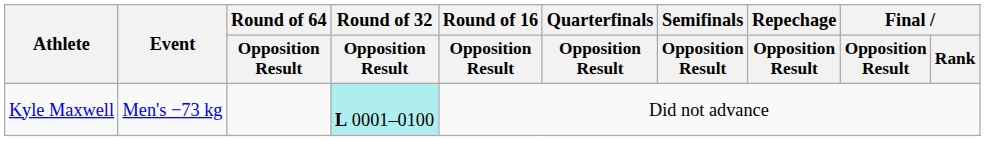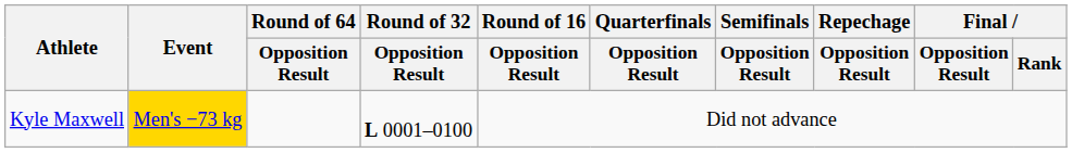 <table class="wikitable" style="font-size:90%">
 <tr>
 <th rowspan="2">Athlete</th>
 <th rowspan="2">Event</th>
 <th>Round of 64</th>
 <th>Round of 32</th>
 <th>Round of 16</th>
 <th>Quarterfinals</th>
 <th>Semifinals</th>
 <th>Repechage</th>
 <th colspan=2>Final / </th>
 </tr>
 <tr style="font-size:95%">
 <th>Opposition<br>Result</th>
 <th>Opposition<br>Result</th>
 <th>Opposition<br>Result</th>
 <th>Opposition<br>Result</th>
 <th>Opposition<br>Result</th>
 <th>Opposition<br>Result</th>
 <th>Opposition<br>Result</th>
 <th>Rank</th>
 </tr>
 <tr align=center>
 <td align=left><a href='#'>Kyle Maxwell</a></td>
-<td align=left><a href='#'>Men's −73 kg</a></td>
+<td align=left style="background: gold;"><a href='#'>Men's −73 kg</a></td>
 <td></td>
-<td style="background: paleturquoise;"><br><strong>L</strong> 0001–0100</td>
+<td><br><strong>L</strong> 0001–0100</td>
 <td colspan=6>Did not advance</td>
 </tr>
 </table>
